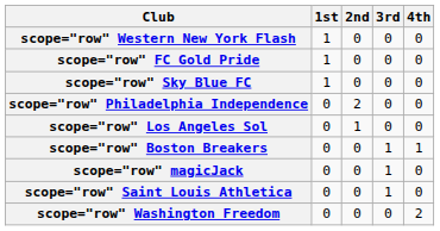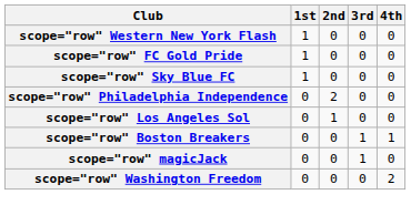 <table class="wikitable sortable" style="text-align:center;">
 <tr>
 <th scope="col">Club</th>
 <th scope="col">1st</th>
 <th scope="col">2nd</th>
 <th scope="col">3rd</th>
 <th scope="col">4th</th>
 </tr>
 <tr>
 <th>scope="row" <a href='#'>Western New York Flash</a></th>
 <td>1</td>
 <td>0</td>
 <td>0</td>
 <td>0</td>
 </tr>
 <tr>
 <th>scope="row" <a href='#'>FC Gold Pride</a></th>
 <td>1</td>
 <td>0</td>
 <td>0</td>
 <td>0</td>
 </tr>
 <tr>
 <th>scope="row" <a href='#'>Sky Blue FC</a></th>
 <td>1</td>
 <td>0</td>
 <td>0</td>
 <td>0</td>
 </tr>
 <tr>
 <th>scope="row" <a href='#'>Philadelphia Independence</a></th>
 <td>0</td>
 <td>2</td>
 <td>0</td>
 <td>0</td>
 </tr>
 <tr>
 <th>scope="row" <a href='#'>Los Angeles Sol</a></th>
 <td>0</td>
 <td>1</td>
 <td>0</td>
 <td>0</td>
 </tr>
 <tr>
 <th>scope="row" <a href='#'>Boston Breakers</a></th>
 <td>0</td>
 <td>0</td>
 <td>1</td>
 <td>1</td>
 </tr>
 <tr>
 <th>scope="row" <a href='#'>magicJack</a></th>
 <td>0</td>
 <td>0</td>
 <td>1</td>
 <td>0</td>
 </tr>
 <tr>
-<th>scope="row" <a href='#'>Saint Louis Athletica</a></th>
-<td>0</td>
-<td>0</td>
-<td>1</td>
-<td>0</td>
-</tr>
-<tr>
 <th>scope="row" <a href='#'>Washington Freedom</a></th>
 <td>0</td>
 <td>0</td>
 <td>0</td>
 <td>2</td>
 </tr>
 </table>
